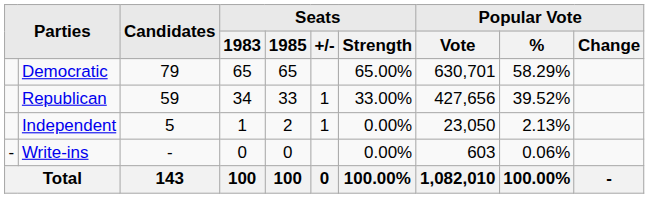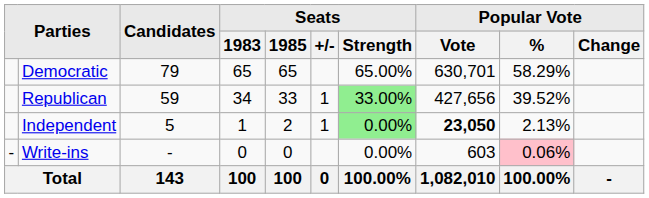 <table class=wikitable>
 <tr>
 <th style="background-color:#E9E9E9" align=center rowspan= 2 colspan=2>Parties</th>
 <th style="background-color:#E9E9E9" align=center rowspan= 2>Candidates</th>
 <th style="background-color:#E9E9E9" align=center colspan=4>Seats</th>
 <th style="background-color:#E9E9E9" align=center colspan=3>Popular Vote</th>
 </tr>
 <tr>
 <th align=center>1983</th>
 <th align=center>1985</th>
 <th align=center>+/-</th>
 <th align=center>Strength</th>
 <th align=center>Vote</th>
 <th align=center>%</th>
 <th align=center>Change</th>
 </tr>
 <tr>
 <td></td>
 <td align=left><a href='#'>Democratic</a></td>
 <td align=center >79</td>
 <td align=center >65</td>
 <td align=center  >65</td>
 <td align=center></td>
 <td align=right >65.00%</td>
 <td align=right >630,701</td>
 <td align=right >58.29%</td>
 <td align=right></td>
 </tr>
 <tr>
 <td></td>
 <td align=left><a href='#'>Republican</a></td>
 <td align=center>59</td>
 <td align=center>34</td>
 <td align=center>33</td>
 <td align=center> 1</td>
-<td align=right>33.00%</td>
+<td align=right style="background: lightgreen;">33.00%</td>
 <td align=right>427,656</td>
 <td align=right>39.52%</td>
 <td align=right></td>
 </tr>
 <tr>
 <td></td>
 <td><a href='#'>Independent</a></td>
 <td align=center>5</td>
 <td align=center>1</td>
 <td align=center>2</td>
 <td align=center> 1</td>
-<td align=right>0.00%</td>
-<td align=right>23,050</td>
+<td align=right style="background: lightgreen;">0.00%</td>
+<td align=right><strong>23,050</strong></td>
 <td align=right>2.13%</td>
 <td align=right></td>
 </tr>
 <tr>
 <td>-</td>
 <td><a href='#'>Write-ins</a></td>
 <td align=center>-</td>
 <td align=center>0</td>
 <td align=center>0</td>
 <td align=center></td>
 <td align=right>0.00%</td>
 <td align=right>603</td>
-<td align=right>0.06%</td>
+<td align=right style="background: pink;">0.06%</td>
 <td align=right></td>
 </tr>
 <tr>
 <th align=center colspan="2">Total</th>
 <th align=center>143</th>
 <th align=center>100</th>
 <th align=center>100</th>
 <th align=center>0</th>
 <th align=center>100.00%</th>
 <th align=center>1,082,010</th>
 <th align=center>100.00%</th>
 <th align=center>-</th>
 </tr>
 </table>
